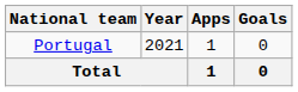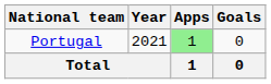 <table class=wikitable style="text-align: center">
 <tr>
 <th>National team</th>
 <th>Year</th>
 <th>Apps</th>
 <th>Goals</th>
 </tr>
 <tr>
 <td><a href='#'>Portugal</a></td>
 <td>2021</td>
-<td>1</td>
+<td style="background: lightgreen;">1</td>
 <td>0</td>
 </tr>
 <tr>
 <th colspan="2">Total</th>
 <th>1</th>
 <th>0</th>
 </tr>
 </table>
